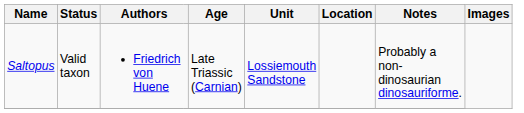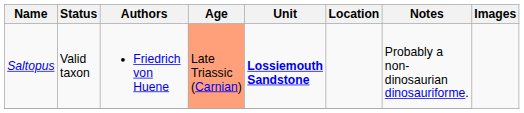 <table class="wikitable sortable" align="center" width="100%">
 <tr>
 <th>Name</th>
 <th>Status</th>
 <th colspan="2">Authors</th>
 <th>Age</th>
 <th>Unit</th>
 <th>Location</th>
 <th class="unsortable">Notes</th>
 <th class="unsortable">Images</th>
 </tr>
 <tr>
 <td><em><a href='#'>Saltopus</a></em></td>
 <td>Valid taxon</td>
 <td style="border-right:0px" valign="top"><br><ul><li><a href='#'>Friedrich von Huene</a></li></ul></td>
 <td style="border-left:0px" valign="top"></td>
-<td><br>Late Triassic (<a href='#'>Carnian</a>)</td>
-<td><br><a href='#'>Lossiemouth Sandstone</a></td>
+<td style="background: lightsalmon;"><br>Late Triassic (<a href='#'>Carnian</a>)</td>
+<td><strong><br><a href='#'>Lossiemouth Sandstone</a></strong></td>
 <td><br></td>
 <td><br>Probably a non-dinosaurian <a href='#'>dinosauriforme</a>.</td>
 </tr>
 <tr>
 </tr>
 </table>
